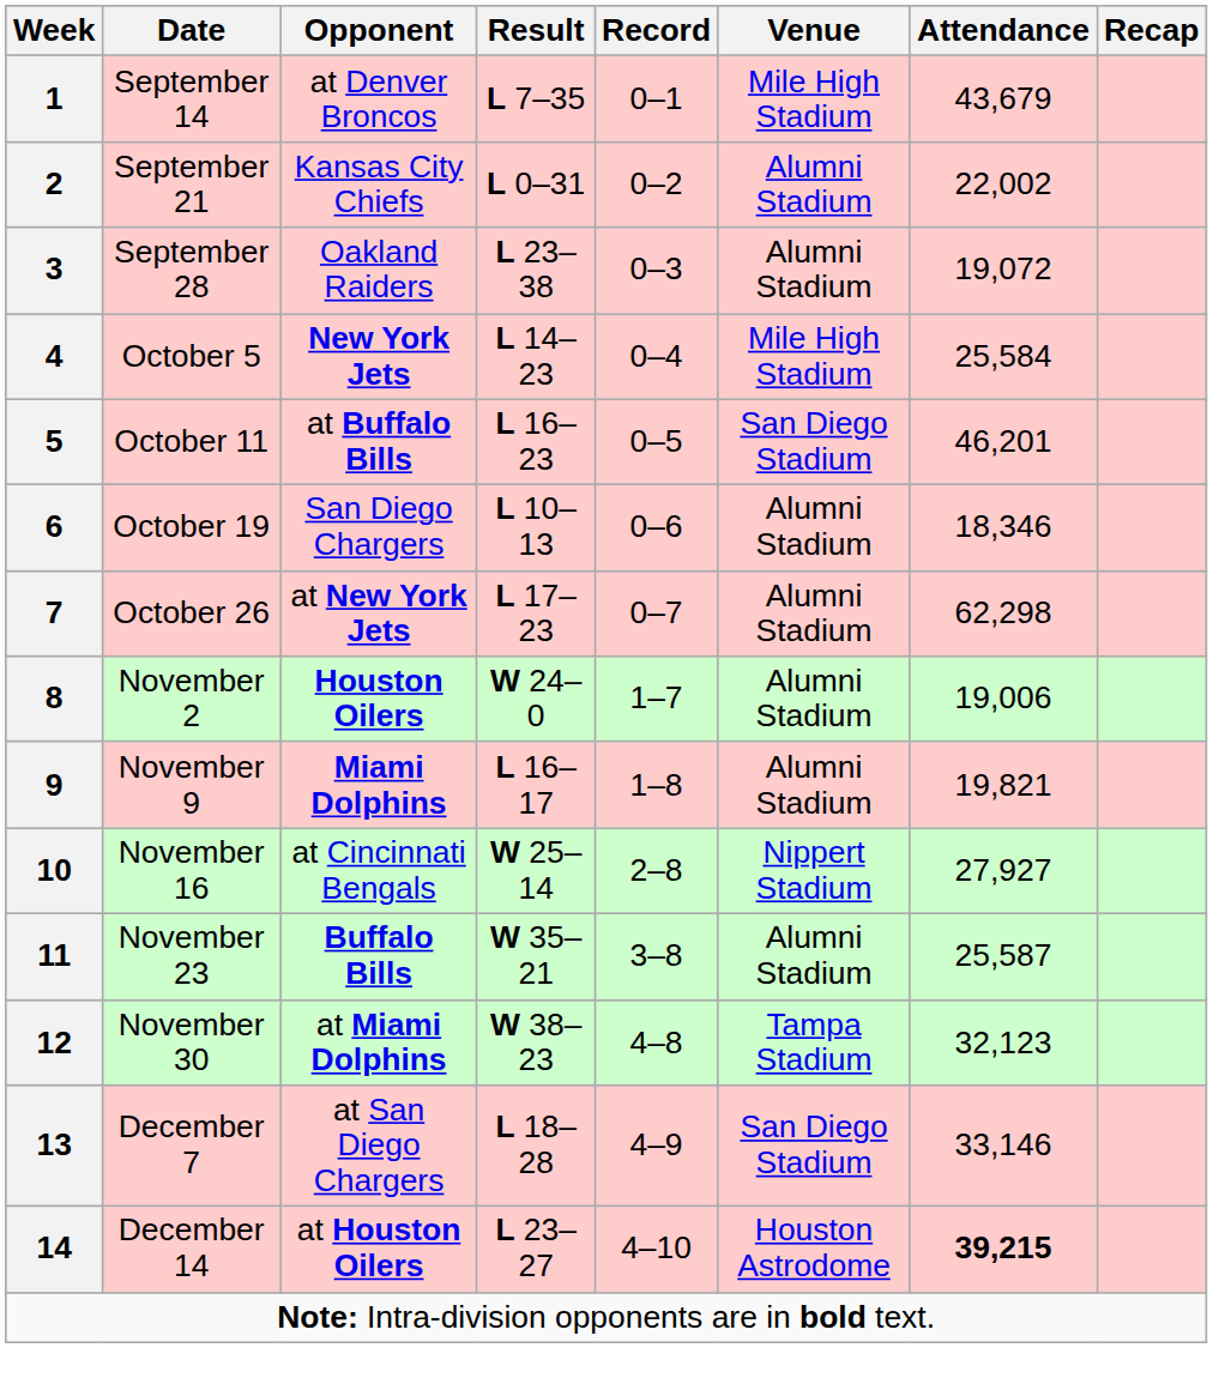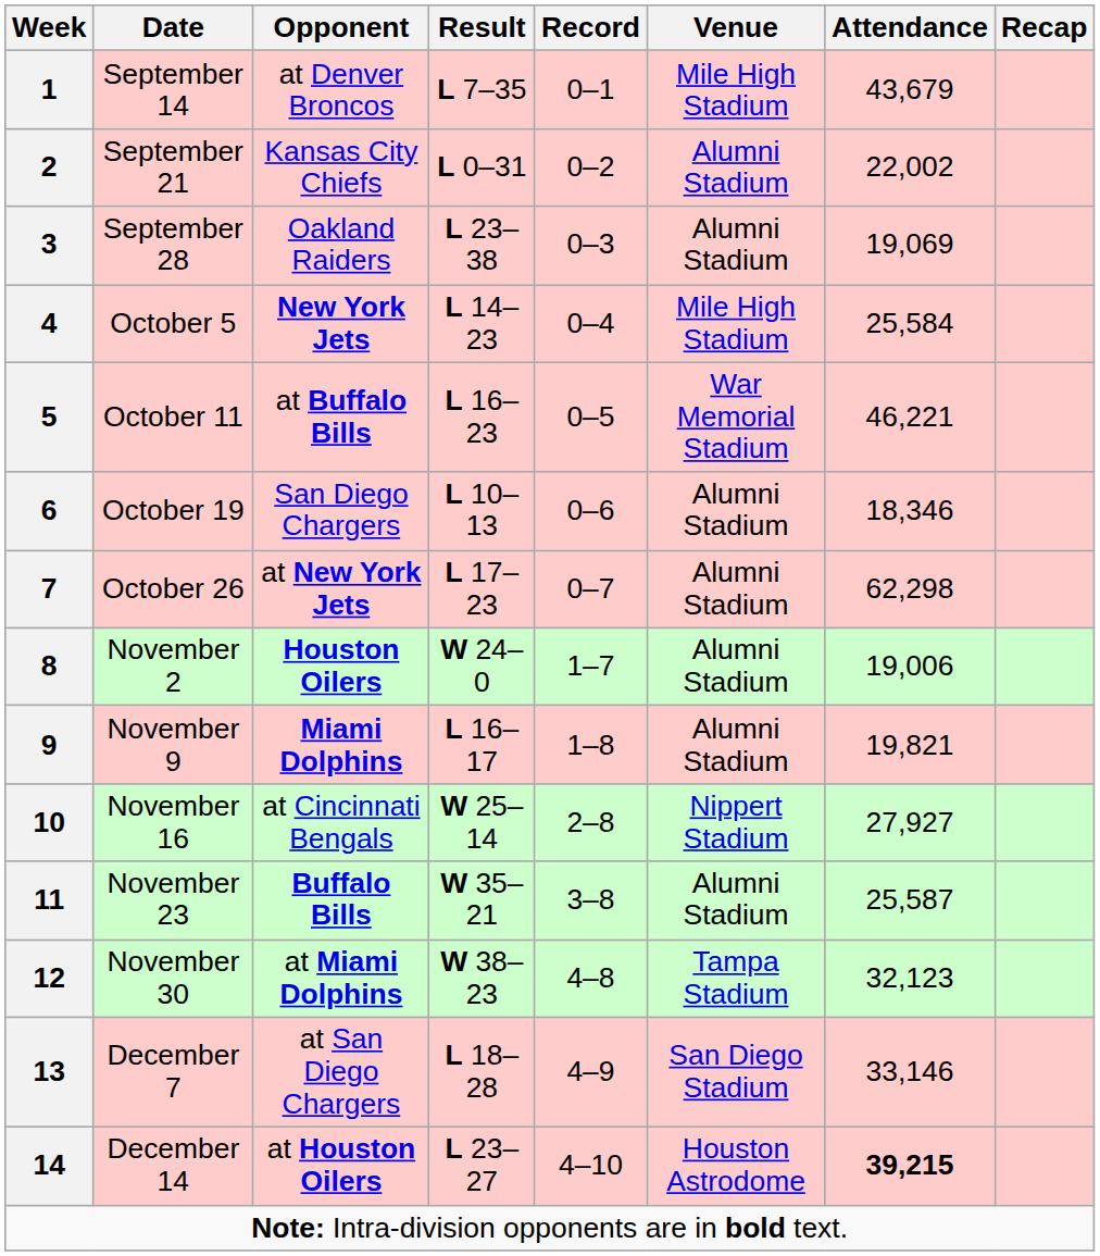 <table class="wikitable" style="text-align:center">
 <tr>
 <th>Week</th>
 <th>Date</th>
 <th>Opponent</th>
 <th>Result</th>
 <th>Record</th>
 <th>Venue</th>
 <th>Attendance</th>
 <th>Recap</th>
 </tr>
 <tr style="background: #fcc;">
 <th>1</th>
 <td>September 14</td>
 <td>at <a href='#'>Denver Broncos</a></td>
 <td><strong>L</strong> 7–35</td>
 <td>0–1</td>
 <td><a href='#'>Mile High Stadium</a></td>
 <td>43,679</td>
 <td></td>
 </tr>
 <tr style="background: #fcc;">
 <th>2</th>
 <td>September 21</td>
 <td><a href='#'>Kansas City Chiefs</a></td>
 <td><strong>L</strong> 0–31</td>
 <td>0–2</td>
 <td><a href='#'>Alumni Stadium</a></td>
 <td>22,002</td>
 <td></td>
 </tr>
 <tr style="background: #fcc;">
 <th>3</th>
 <td>September 28</td>
 <td><a href='#'>Oakland Raiders</a></td>
 <td><strong>L</strong> 23–38</td>
 <td>0–3</td>
 <td>Alumni Stadium</td>
-<td>19,072</td>
+<td>19,069</td>
 <td></td>
 </tr>
 <tr style="background: #fcc;">
 <th>4</th>
 <td>October 5</td>
 <td><strong><a href='#'>New York Jets</a></strong></td>
 <td><strong>L</strong> 14–23</td>
 <td>0–4</td>
 <td><a href='#'>Mile High Stadium</a></td>
 <td>25,584</td>
 <td></td>
 </tr>
 <tr style="background: #fcc;">
 <th>5</th>
 <td>October 11</td>
 <td>at <strong><a href='#'>Buffalo Bills</a></strong></td>
 <td><strong>L</strong> 16–23</td>
 <td>0–5</td>
-<td><a href='#'>San Diego Stadium</a></td>
-<td>46,201</td>
+<td><a href='#'>War Memorial Stadium</a></td>
+<td>46,221</td>
 <td></td>
 </tr>
 <tr style="background: #fcc;">
 <th>6</th>
 <td>October 19</td>
 <td><a href='#'>San Diego Chargers</a></td>
 <td><strong>L</strong> 10–13</td>
 <td>0–6</td>
 <td>Alumni Stadium</td>
 <td>18,346</td>
 <td></td>
 </tr>
 <tr style="background: #fcc;">
 <th>7</th>
 <td>October 26</td>
 <td>at <strong><a href='#'>New York Jets</a></strong></td>
 <td><strong>L</strong> 17–23</td>
 <td>0–7</td>
 <td>Alumni Stadium</td>
 <td>62,298</td>
 <td></td>
 </tr>
 <tr style="background: #cfc;">
 <th>8</th>
 <td>November 2</td>
 <td><strong><a href='#'>Houston Oilers</a></strong></td>
 <td><strong>W</strong> 24–0</td>
 <td>1–7</td>
 <td>Alumni Stadium</td>
 <td>19,006</td>
 <td></td>
 </tr>
 <tr style="background: #fcc;">
 <th>9</th>
 <td>November 9</td>
 <td><strong><a href='#'>Miami Dolphins</a></strong></td>
 <td><strong>L</strong> 16–17</td>
 <td>1–8</td>
 <td>Alumni Stadium</td>
 <td>19,821</td>
 <td></td>
 </tr>
 <tr style="background: #cfc;">
 <th>10</th>
 <td>November 16</td>
 <td>at <a href='#'>Cincinnati Bengals</a></td>
 <td><strong>W</strong> 25–14</td>
 <td>2–8</td>
 <td><a href='#'>Nippert Stadium</a></td>
 <td>27,927</td>
 <td></td>
 </tr>
 <tr style="background: #cfc;">
 <th>11</th>
 <td>November 23</td>
 <td><strong><a href='#'>Buffalo Bills</a></strong></td>
 <td><strong>W</strong> 35–21</td>
 <td>3–8</td>
 <td>Alumni Stadium</td>
 <td>25,587</td>
 <td></td>
 </tr>
 <tr style="background: #cfc;">
 <th>12</th>
 <td>November 30</td>
 <td>at <strong><a href='#'>Miami Dolphins</a></strong></td>
 <td><strong>W</strong> 38–23</td>
 <td>4–8</td>
 <td><a href='#'>Tampa Stadium</a></td>
 <td>32,123</td>
 <td></td>
 </tr>
 <tr style="background: #fcc;">
 <th>13</th>
 <td>December 7</td>
 <td>at <a href='#'>San Diego Chargers</a></td>
 <td><strong>L</strong> 18–28</td>
 <td>4–9</td>
 <td><a href='#'>San Diego Stadium</a></td>
 <td>33,146</td>
 <td></td>
 </tr>
 <tr style="background: #fcc;">
 <th>14</th>
 <td>December 14</td>
 <td>at <strong><a href='#'>Houston Oilers</a></strong></td>
 <td><strong>L</strong> 23–27</td>
 <td>4–10</td>
 <td><a href='#'>Houston Astrodome</a></td>
 <td><strong>39,215</strong></td>
 <td></td>
 </tr>
 <tr>
 <td colspan="8"><strong>Note:</strong> Intra-division opponents are in <strong>bold</strong> text.</td>
 </tr>
 </table>
